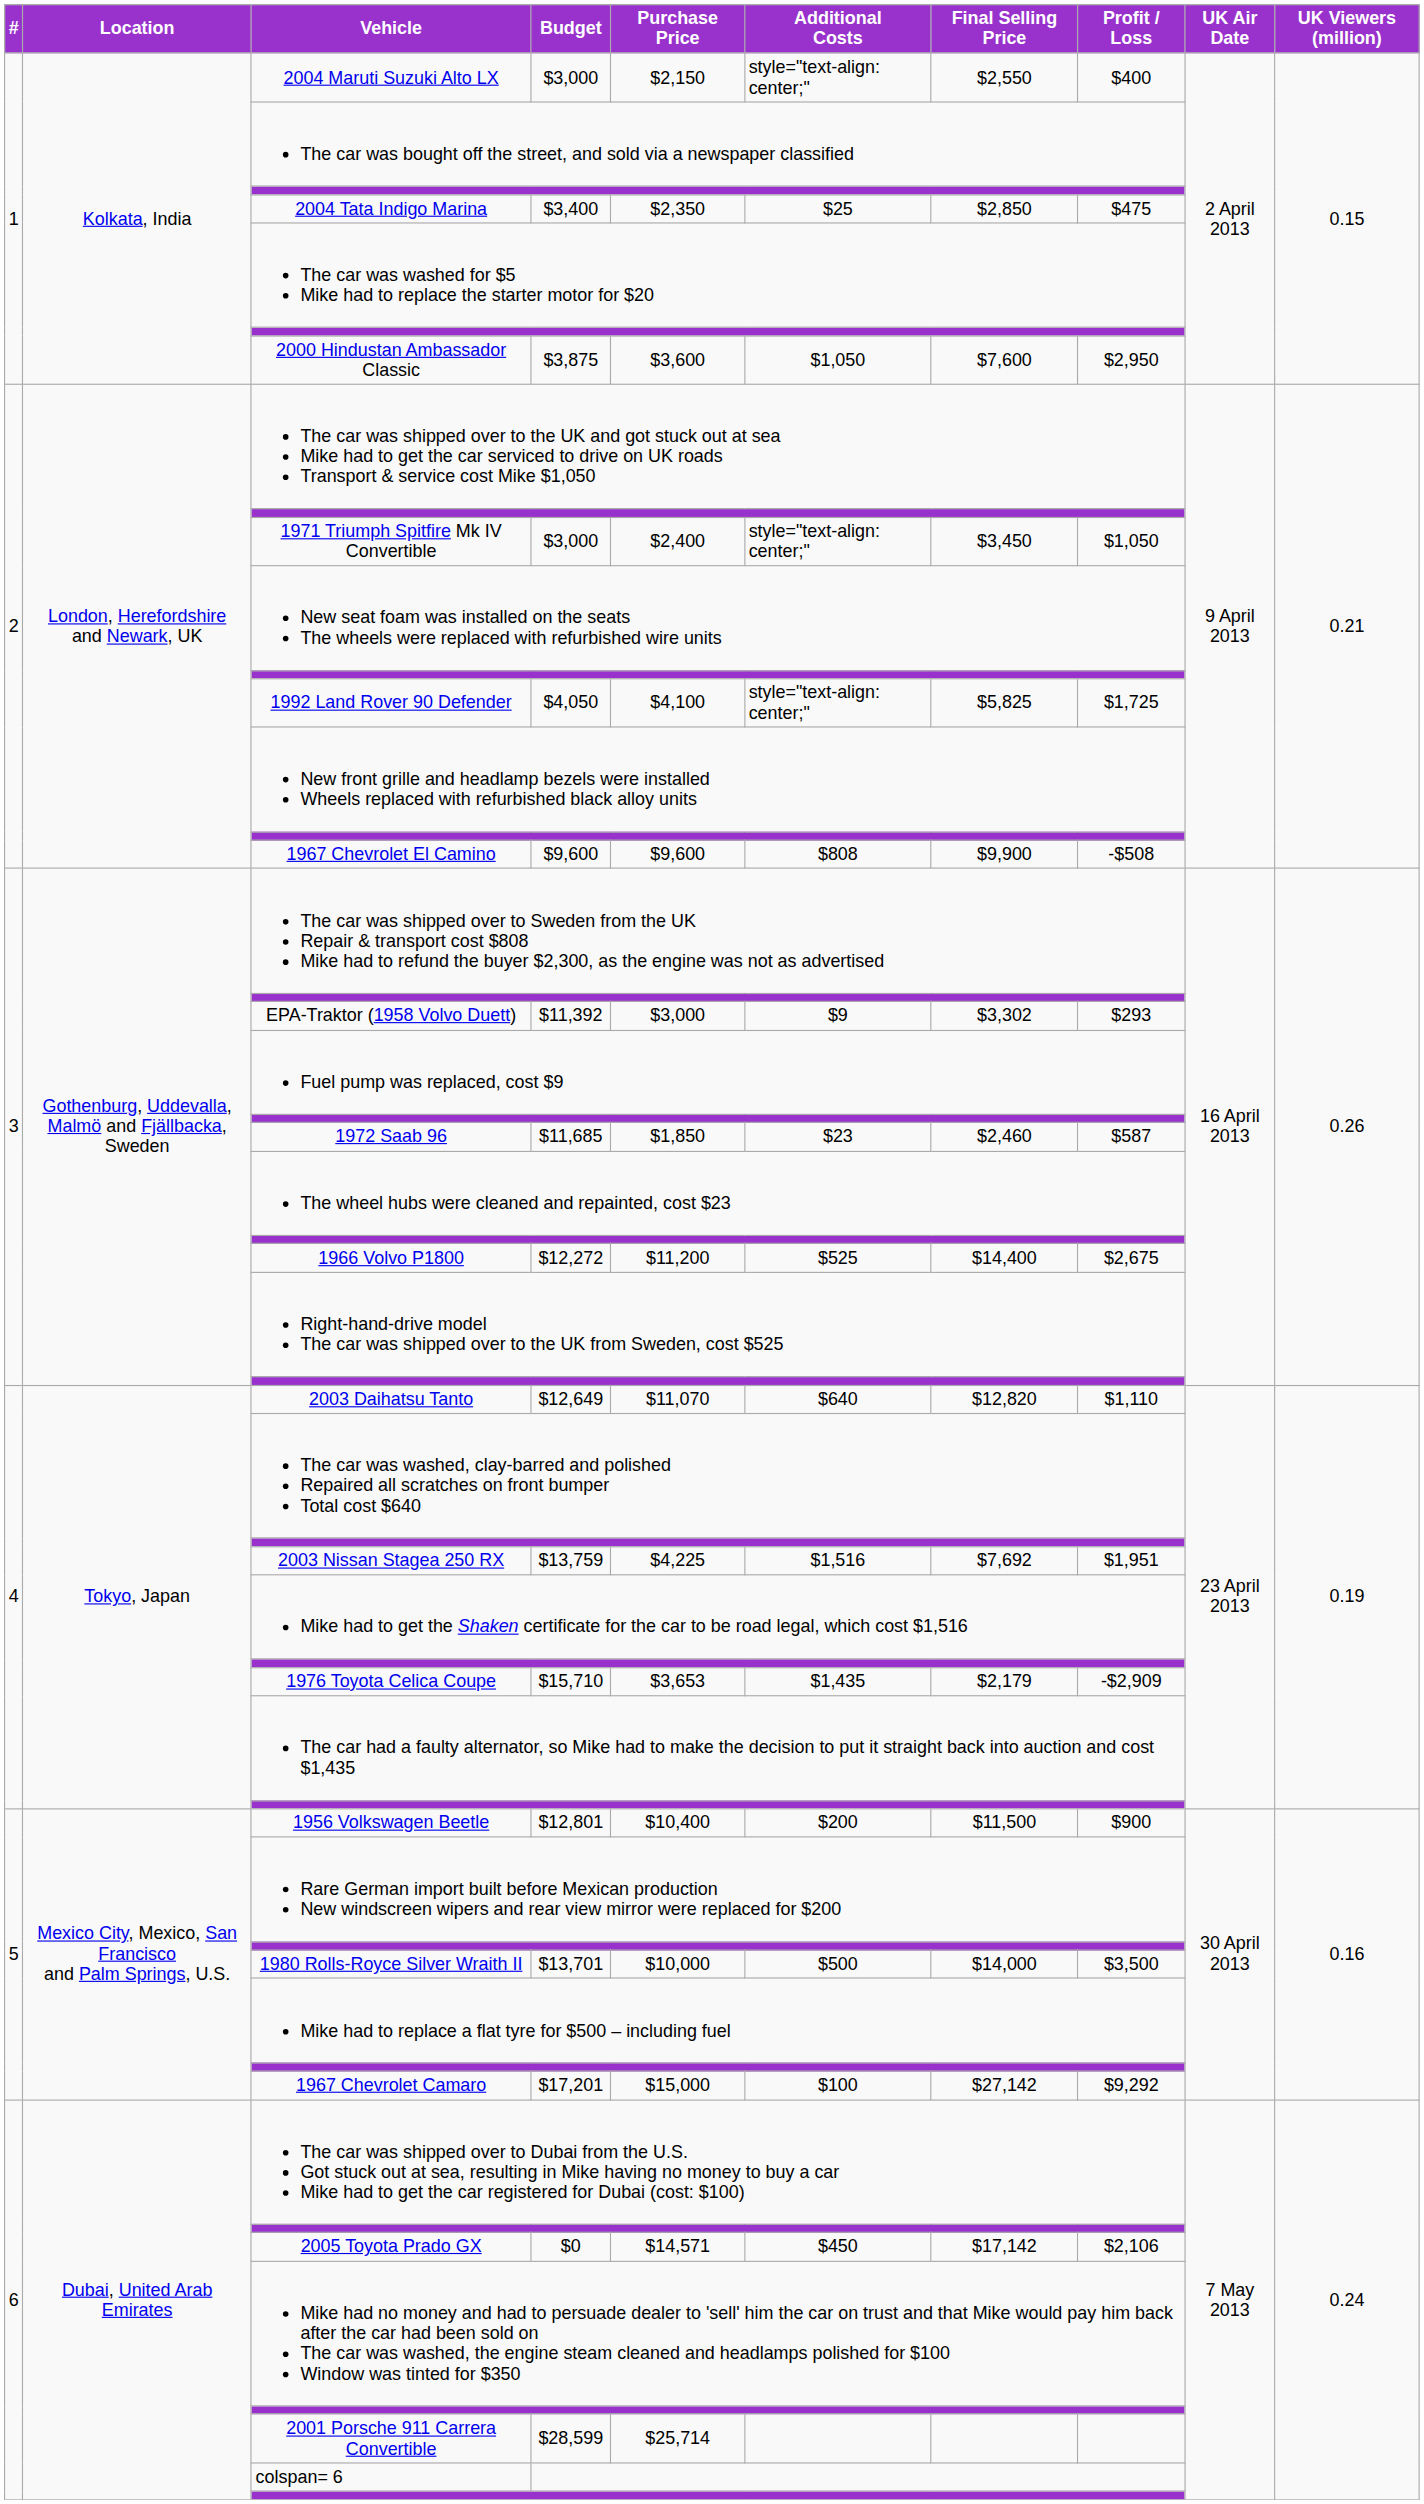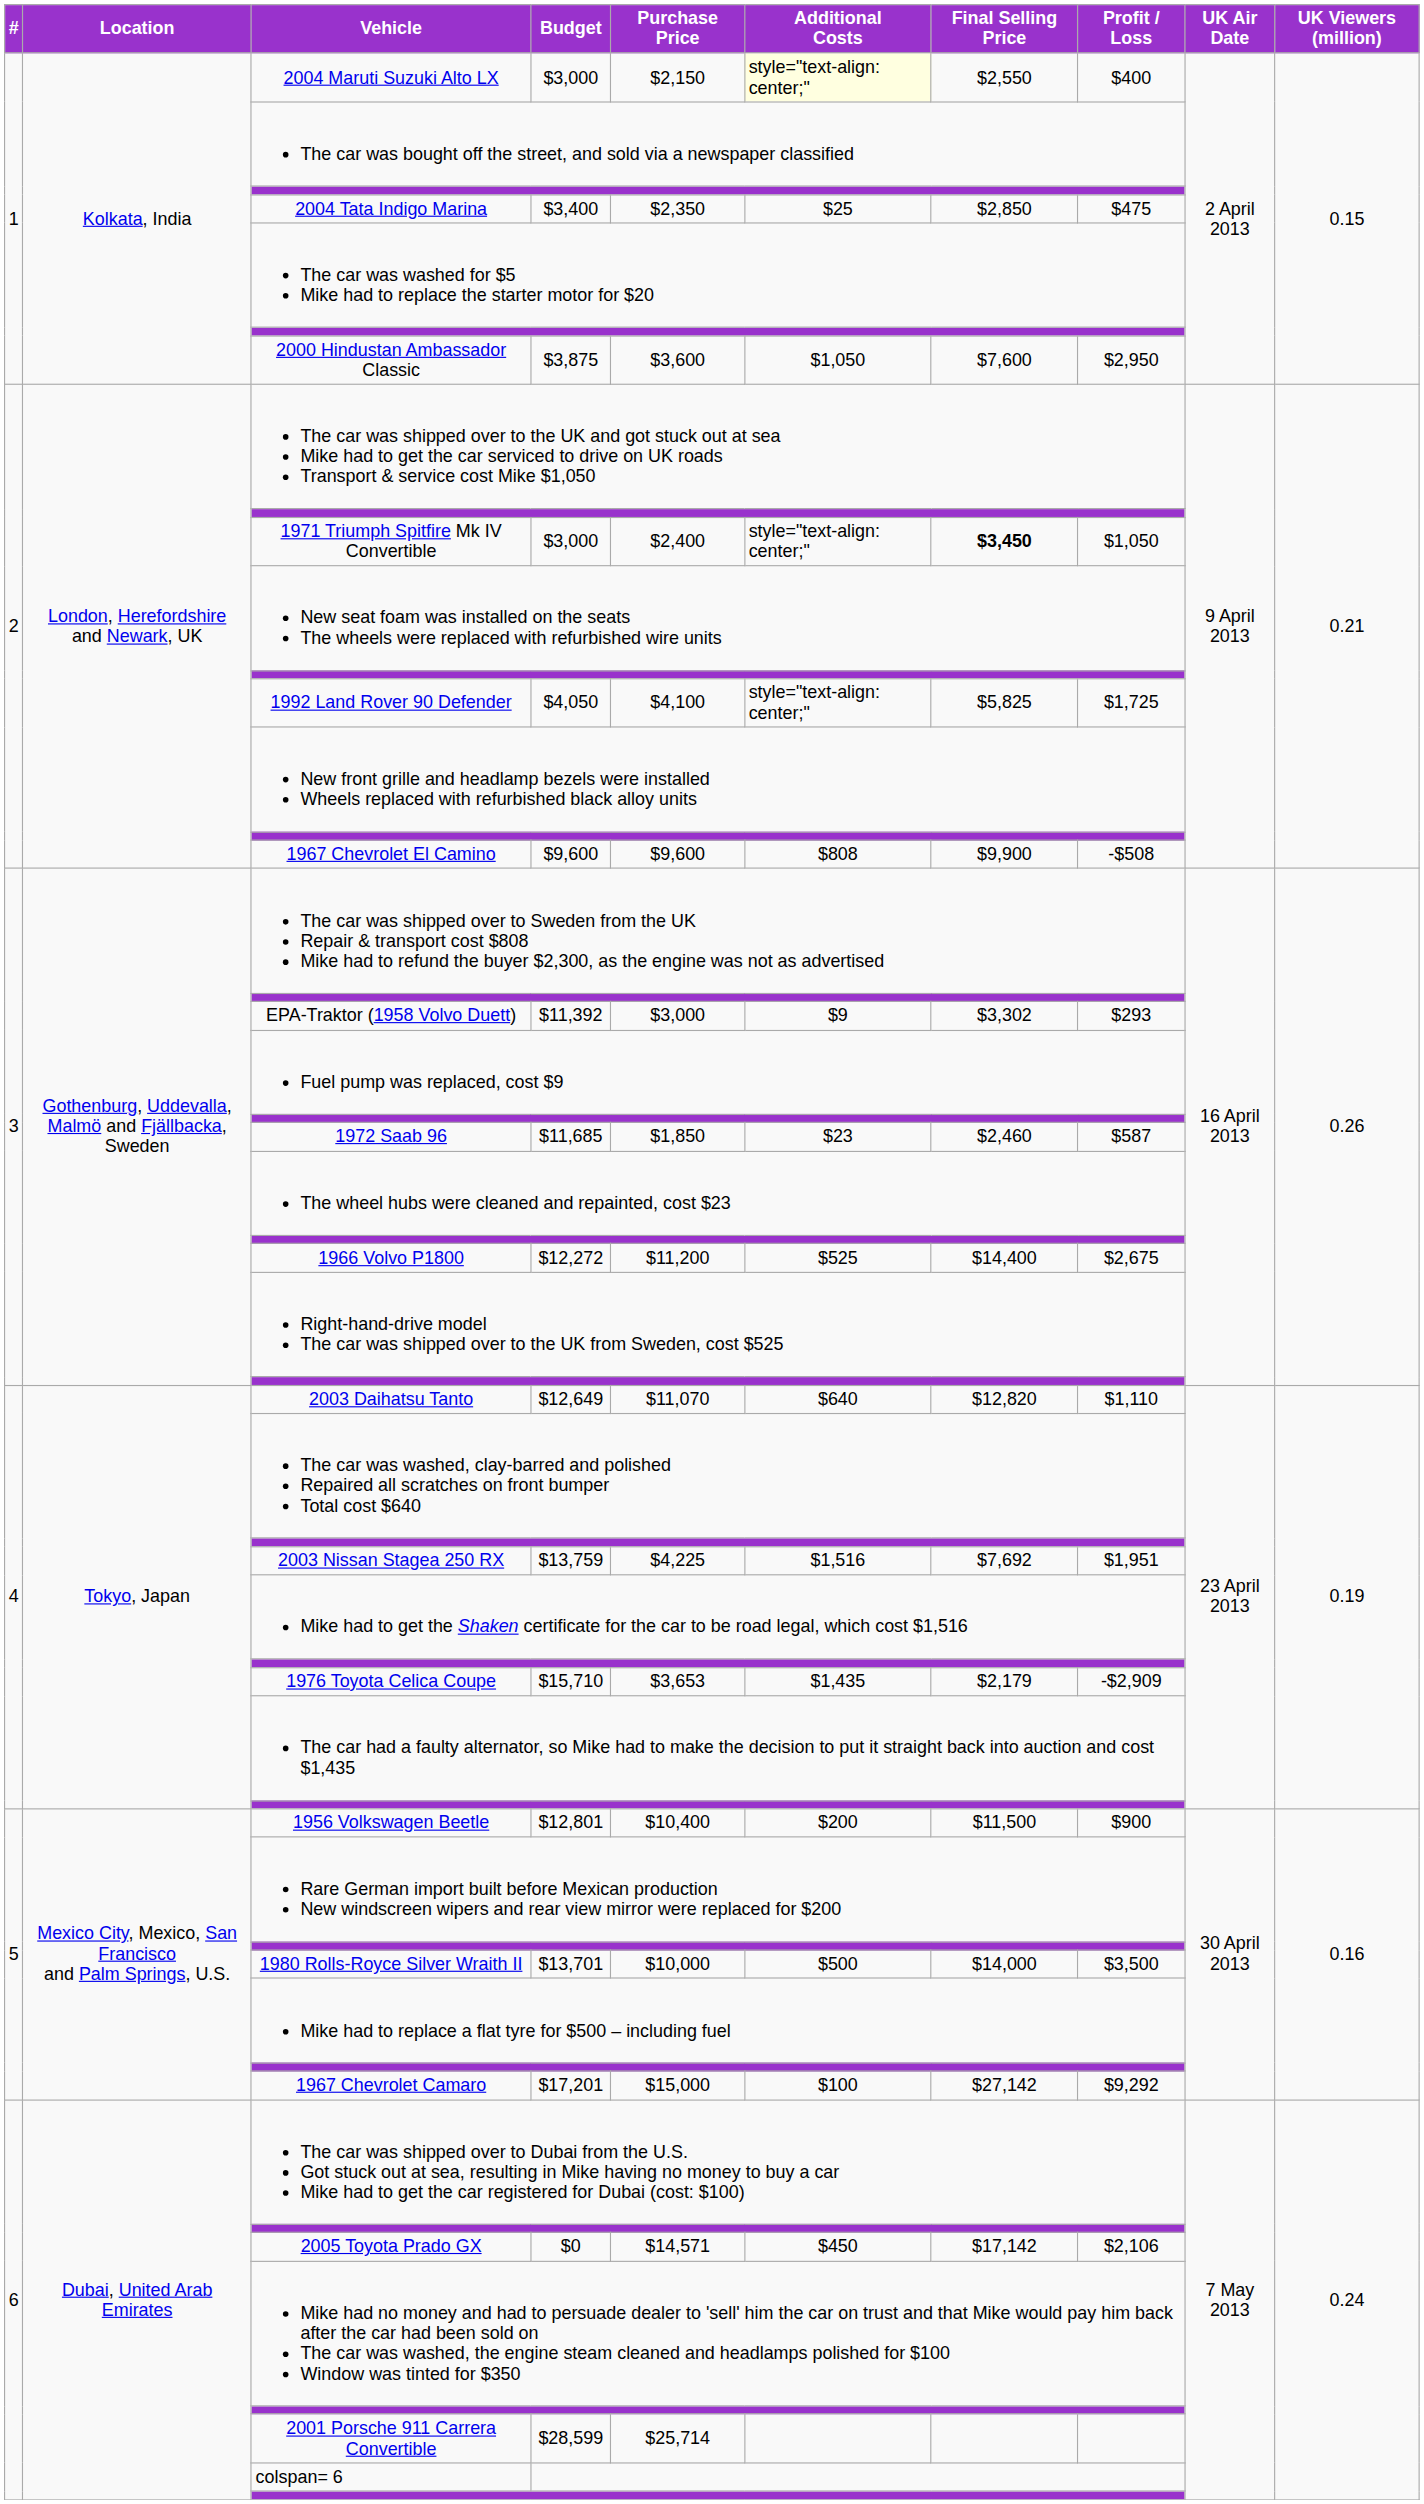 <table class="wikitable"  style="width: 100%;">
 <tr>
 <th style="background:#9932CC; color:#fff;">#</th>
 <th style="background:#9932CC; color:#fff;">Location</th>
 <th style="background:#9932CC; color:#fff;">Vehicle</th>
 <th style="background:#9932CC; color:#fff;">Budget</th>
 <th style="background:#9932CC; color:#fff;">Purchase Price</th>
 <th style="background:#9932CC; color:#fff;">Additional<br>Costs</th>
 <th style="background:#9932CC; color:#fff;">Final Selling Price</th>
 <th style="background:#9932CC; color:#fff;">Profit / Loss</th>
 <th style="background:#9932CC; color:#fff;">UK Air Date</th>
 <th style="background:#9932CC; color:#fff;">UK Viewers (million)</th>
 </tr>
 <tr>
 <td rowspan=7 style="text-align: center;">1</td>
 <td rowspan=7 style="text-align: center;"><a href='#'>Kolkata</a>, India</td>
 <td style="text-align: center;"><a href='#'>2004 Maruti Suzuki Alto LX</a></td>
 <td style="text-align: center;">$3,000</td>
 <td style="text-align: center;">$2,150</td>
-<td>style="text-align: center;" </td>
+<td style="background: lightyellow;">style="text-align: center;" </td>
 <td style="text-align: center;">$2,550</td>
 <td style="text-align: center;">$400</td>
 <td rowspan=7 style="text-align: center;">2 April 2013</td>
 <td rowspan=7 style="text-align: center;">0.15</td>
 </tr>
 <tr>
 <td colspan= 6><br><ul><li>The car was bought off the street, and sold via a newspaper classified</li></ul></td>
 </tr>
 <tr style="background:#9932CC">
 <td colspan= 6></td>
 </tr>
 <tr>
 <td style="text-align: center;"><a href='#'>2004 Tata Indigo Marina</a></td>
 <td style="text-align: center;">$3,400</td>
 <td style="text-align: center;">$2,350</td>
 <td style="text-align: center;">$25</td>
 <td style="text-align: center;">$2,850</td>
 <td style="text-align: center;">$475</td>
 </tr>
 <tr>
 <td colspan= 6><br><ul><li>The car was washed for $5</li><li>Mike had to replace the starter motor for $20</li></ul></td>
 </tr>
 <tr style="background:#9932CC">
 <td colspan= 6></td>
 </tr>
 <tr>
 <td style="text-align: center;"><a href='#'>2000 Hindustan Ambassador</a> Classic</td>
 <td style="text-align: center;">$3,875</td>
 <td style="text-align: center;">$3,600</td>
 <td style="text-align: center;">$1,050</td>
 <td style="text-align: center;">$7,600</td>
 <td style="text-align: center;">$2,950</td>
 </tr>
 <tr>
 <td rowspan=9 style="text-align: center;">2</td>
 <td rowspan=9 style="text-align: center;"><a href='#'>London</a>, <a href='#'>Herefordshire</a><br>and <a href='#'>Newark</a>, UK</td>
 <td colspan= 6><br><ul><li>The car was shipped over to the UK and got stuck out at sea</li><li>Mike had to get the car serviced to drive on UK roads</li><li>Transport & service cost Mike $1,050</li></ul></td>
 <td rowspan=9 style="text-align: center;">9 April 2013</td>
 <td rowspan=9 style="text-align: center;">0.21</td>
 </tr>
 <tr style="background:#9932CC">
 <td colspan= 6></td>
 </tr>
 <tr>
 <td style="text-align: center;"><a href='#'>1971 Triumph Spitfire</a> Mk IV Convertible</td>
 <td style="text-align: center;">$3,000</td>
 <td style="text-align: center;">$2,400</td>
 <td>style="text-align: center;" </td>
-<td style="text-align: center;">$3,450</td>
+<td style="text-align: center;"><strong>$3,450</strong></td>
 <td style="text-align: center;">$1,050</td>
 </tr>
 <tr>
 <td colspan= 6><br><ul><li>New seat foam was installed on the seats</li><li>The wheels were replaced with refurbished wire units</li></ul></td>
 </tr>
 <tr style="background:#9932CC">
 <td colspan= 6></td>
 </tr>
 <tr>
 <td style="text-align: center;"><a href='#'>1992 Land Rover 90 Defender</a></td>
 <td style="text-align: center;">$4,050</td>
 <td style="text-align: center;">$4,100</td>
 <td>style="text-align: center;" </td>
 <td style="text-align: center;">$5,825</td>
 <td style="text-align: center;">$1,725</td>
 </tr>
 <tr>
 <td colspan= 6><br><ul><li>New front grille and headlamp bezels were installed</li><li>Wheels replaced with refurbished black alloy units</li></ul></td>
 </tr>
 <tr style="background:#9932CC">
 <td colspan= 6></td>
 </tr>
 <tr>
 <td style="text-align: center;"><a href='#'>1967 Chevrolet El Camino</a></td>
 <td style="text-align: center;">$9,600</td>
 <td style="text-align: center;">$9,600</td>
 <td style="text-align: center;">$808</td>
 <td style="text-align: center;">$9,900</td>
 <td style="text-align: center;">-$508</td>
 </tr>
 <tr>
 <td rowspan=11 style="text-align: center;">3</td>
 <td rowspan=11 style="text-align: center;"><a href='#'>Gothenburg</a>, <a href='#'>Uddevalla</a>,<br><a href='#'>Malmö</a> and <a href='#'>Fjällbacka</a>,<br>Sweden</td>
 <td colspan= 6><br><ul><li>The car was shipped over to Sweden from the UK</li><li>Repair & transport cost $808</li><li>Mike had to refund the buyer $2,300, as the engine was not as advertised</li></ul></td>
 <td rowspan=11 style="text-align: center;">16 April 2013</td>
 <td rowspan=11 style="text-align: center;">0.26</td>
 </tr>
 <tr style="background:#9932CC">
 <td colspan= 6></td>
 </tr>
 <tr>
 <td style="text-align: center;">EPA-Traktor (<a href='#'>1958 Volvo Duett</a>)</td>
 <td style="text-align: center;">$11,392</td>
 <td style="text-align: center;">$3,000</td>
 <td style="text-align: center;">$9</td>
 <td style="text-align: center;">$3,302</td>
 <td style="text-align: center;">$293</td>
 </tr>
 <tr>
 <td colspan= 6><br><ul><li>Fuel pump was replaced, cost $9</li></ul></td>
 </tr>
 <tr style="background:#9932CC">
 <td colspan= 6></td>
 </tr>
 <tr>
 <td style="text-align: center;"><a href='#'>1972 Saab 96</a></td>
 <td style="text-align: center;">$11,685</td>
 <td style="text-align: center;">$1,850</td>
 <td style="text-align: center;">$23</td>
 <td style="text-align: center;">$2,460</td>
 <td style="text-align: center;">$587</td>
 </tr>
 <tr>
 <td colspan= 6><br><ul><li>The wheel hubs were cleaned and repainted, cost $23</li></ul></td>
 </tr>
 <tr style="background:#9932CC">
 <td colspan= 6></td>
 </tr>
 <tr>
 <td style="text-align: center;"><a href='#'>1966 Volvo P1800</a></td>
 <td style="text-align: center;">$12,272</td>
 <td style="text-align: center;">$11,200</td>
 <td style="text-align: center;">$525</td>
 <td style="text-align: center;">$14,400</td>
 <td style="text-align: center;">$2,675</td>
 </tr>
 <tr>
 <td colspan= 6><br><ul><li>Right-hand-drive model</li><li>The car was shipped over to the UK from Sweden, cost $525</li></ul></td>
 </tr>
 <tr style="background:#9932CC">
 <td colspan= 6></td>
 </tr>
 <tr>
 <td rowspan=9 style="text-align: center;">4</td>
 <td rowspan=9 style="text-align: center;"><a href='#'>Tokyo</a>, Japan</td>
 <td style="text-align: center;"><a href='#'>2003 Daihatsu Tanto</a></td>
 <td style="text-align: center;">$12,649</td>
 <td style="text-align: center;">$11,070</td>
 <td style="text-align: center;">$640</td>
 <td style="text-align: center;">$12,820</td>
 <td style="text-align: center;">$1,110</td>
 <td rowspan=9 style="text-align: center;">23 April 2013</td>
 <td rowspan=9 style="text-align: center;">0.19</td>
 </tr>
 <tr>
 <td colspan= 6><br><ul><li>The car was washed, clay-barred and polished</li><li>Repaired all scratches on front bumper</li><li>Total cost $640</li></ul></td>
 </tr>
 <tr style="background:#9932CC">
 <td colspan= 6></td>
 </tr>
 <tr>
 <td style="text-align: center;"><a href='#'>2003 Nissan Stagea 250 RX</a></td>
 <td style="text-align: center;">$13,759</td>
 <td style="text-align: center;">$4,225</td>
 <td style="text-align: center;">$1,516</td>
 <td style="text-align: center;">$7,692</td>
 <td style="text-align: center;">$1,951</td>
 </tr>
 <tr>
 <td colspan= 6><br><ul><li>Mike had to get the <a href='#'><em>Shaken</em></a> certificate for the car to be road legal, which cost $1,516</li></ul></td>
 </tr>
 <tr style="background:#9932CC">
 <td colspan= 6></td>
 </tr>
 <tr>
 <td style="text-align: center;"><a href='#'>1976 Toyota Celica Coupe</a></td>
 <td style="text-align: center;">$15,710</td>
 <td style="text-align: center;">$3,653</td>
 <td style="text-align: center;">$1,435</td>
 <td style="text-align: center;">$2,179</td>
 <td style="text-align: center;">-$2,909</td>
 </tr>
 <tr>
 <td colspan= 6><br><ul><li>The car had a faulty alternator, so Mike had to make the decision to put it straight back into auction and cost $1,435</li></ul></td>
 </tr>
 <tr style="background:#9932CC">
 <td colspan= 6></td>
 </tr>
 <tr>
 <td rowspan=7 style="text-align: center;">5</td>
 <td rowspan=7 style="text-align: center;"><a href='#'>Mexico City</a>, Mexico, <a href='#'>San Francisco</a><br>and <a href='#'>Palm Springs</a>, U.S.</td>
 <td style="text-align: center;"><a href='#'>1956 Volkswagen Beetle</a></td>
 <td style="text-align: center;">$12,801</td>
 <td style="text-align: center;">$10,400</td>
 <td style="text-align: center;">$200</td>
 <td style="text-align: center;">$11,500</td>
 <td style="text-align: center;">$900</td>
 <td rowspan=7 style="text-align: center;">30 April 2013</td>
 <td rowspan=7 style="text-align: center;">0.16</td>
 </tr>
 <tr>
 <td colspan= 6><br><ul><li>Rare German import built before Mexican production</li><li>New windscreen wipers and rear view mirror were replaced for $200</li></ul></td>
 </tr>
 <tr style="background:#9932CC">
 <td colspan= 6></td>
 </tr>
 <tr>
 <td style="text-align: center;"><a href='#'>1980 Rolls-Royce Silver Wraith II</a></td>
 <td style="text-align: center;">$13,701</td>
 <td style="text-align: center;">$10,000</td>
 <td style="text-align: center;">$500</td>
 <td style="text-align: center;">$14,000</td>
 <td style="text-align: center;">$3,500</td>
 </tr>
 <tr>
 <td colspan= 6><br><ul><li>Mike had to replace a flat tyre for $500 – including fuel</li></ul></td>
 </tr>
 <tr style="background:#9932CC">
 <td colspan= 6></td>
 </tr>
 <tr>
 <td style="text-align: center;"><a href='#'>1967 Chevrolet Camaro</a></td>
 <td style="text-align: center;">$17,201</td>
 <td style="text-align: center;">$15,000</td>
 <td style="text-align: center;">$100</td>
 <td style="text-align: center;">$27,142</td>
 <td style="text-align: center;">$9,292</td>
 </tr>
 <tr>
 <td rowspan=8 style="text-align: center;">6</td>
 <td rowspan=8 style="text-align: center;"><a href='#'>Dubai</a>, <a href='#'>United Arab Emirates</a></td>
 <td colspan= 6><br><ul><li>The car was shipped over to Dubai from the U.S.</li><li>Got stuck out at sea, resulting in Mike having no money to buy a car</li><li>Mike had to get the car registered for Dubai (cost: $100)</li></ul></td>
 <td rowspan=8 style="text-align: center;">7 May 2013</td>
 <td rowspan=8 style="text-align: center;">0.24</td>
 </tr>
 <tr style="background:#9932CC">
 <td colspan= 6></td>
 </tr>
 <tr>
 <td style="text-align: center;"><a href='#'>2005 Toyota Prado GX</a></td>
 <td style="text-align: center;">$0</td>
 <td style="text-align: center;">$14,571</td>
 <td style="text-align: center;">$450</td>
 <td style="text-align: center;">$17,142</td>
 <td style="text-align: center;">$2,106</td>
 </tr>
 <tr>
 <td colspan= 6><br><ul><li>Mike had no money and had to persuade dealer to 'sell' him the car on trust and that Mike would pay him back after the car had been sold on</li><li>The car was washed, the engine steam cleaned and headlamps polished for $100</li><li>Window was tinted for $350</li></ul></td>
 </tr>
 <tr style="background:#9932CC">
 <td colspan= 6></td>
 </tr>
 <tr>
 <td style="text-align: center;"><a href='#'>2001 Porsche 911 Carrera Convertible</a></td>
 <td style="text-align: center;">$28,599</td>
 <td style="text-align: center;">$25,714</td>
 <td></td>
 <td></td>
 <td></td>
 </tr>
 <tr>
 <td>colspan= 6 </td>
 </tr>
 <tr style="background:#9932CC">
 <td colspan= 6></td>
 </tr>
 </table>
